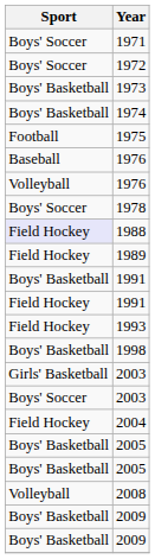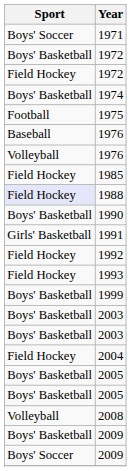 <table class="wikitable mw-collapsible mw-collapsed">
 <tr>
 <th>Sport</th>
 <th>Year</th>
 </tr>
 <tr>
 <td>Boys' Soccer</td>
 <td>1971</td>
 </tr>
 <tr>
-<td>Boys' Soccer</td>
+<td>Boys' Basketball</td>
 <td>1972</td>
 </tr>
 <tr>
-<td>Boys' Basketball</td>
-<td>1973</td>
+<td>Field Hockey</td>
+<td>1972</td>
 </tr>
 <tr>
 <td>Boys' Basketball</td>
 <td>1974</td>
 </tr>
 <tr>
 <td>Football</td>
 <td>1975</td>
 </tr>
 <tr>
 <td>Baseball</td>
 <td>1976</td>
 </tr>
 <tr>
 <td>Volleyball</td>
 <td>1976</td>
 </tr>
 <tr>
-<td>Boys' Soccer</td>
-<td>1978</td>
+<td>Field Hockey</td>
+<td>1985</td>
 </tr>
 <tr>
 <td style="background: lavender;">Field Hockey</td>
 <td>1988</td>
 </tr>
 <tr>
-<td>Field Hockey</td>
-<td>1989</td>
+<td>Boys' Basketball</td>
+<td>1990</td>
 </tr>
 <tr>
-<td>Boys' Basketball</td>
+<td>Girls' Basketball</td>
 <td>1991</td>
 </tr>
 <tr>
 <td>Field Hockey</td>
-<td>1991</td>
+<td>1992</td>
 </tr>
 <tr>
 <td>Field Hockey</td>
 <td>1993</td>
 </tr>
 <tr>
 <td>Boys' Basketball</td>
-<td>1998</td>
+<td>1999</td>
 </tr>
 <tr>
-<td>Girls' Basketball</td>
+<td>Boys' Basketball</td>
 <td>2003</td>
 </tr>
 <tr>
-<td>Boys' Soccer</td>
+<td>Boys' Basketball</td>
 <td>2003</td>
 </tr>
 <tr>
 <td>Field Hockey</td>
 <td>2004</td>
 </tr>
 <tr>
 <td>Boys' Basketball</td>
 <td>2005</td>
 </tr>
 <tr>
 <td>Boys' Basketball</td>
 <td>2005</td>
 </tr>
 <tr>
 <td>Volleyball</td>
 <td>2008</td>
 </tr>
 <tr>
 <td>Boys' Basketball</td>
 <td>2009</td>
 </tr>
 <tr>
-<td>Boys' Basketball</td>
+<td>Boys' Soccer</td>
 <td>2009</td>
 </tr>
 <tr>
 </tr>
 </table>
